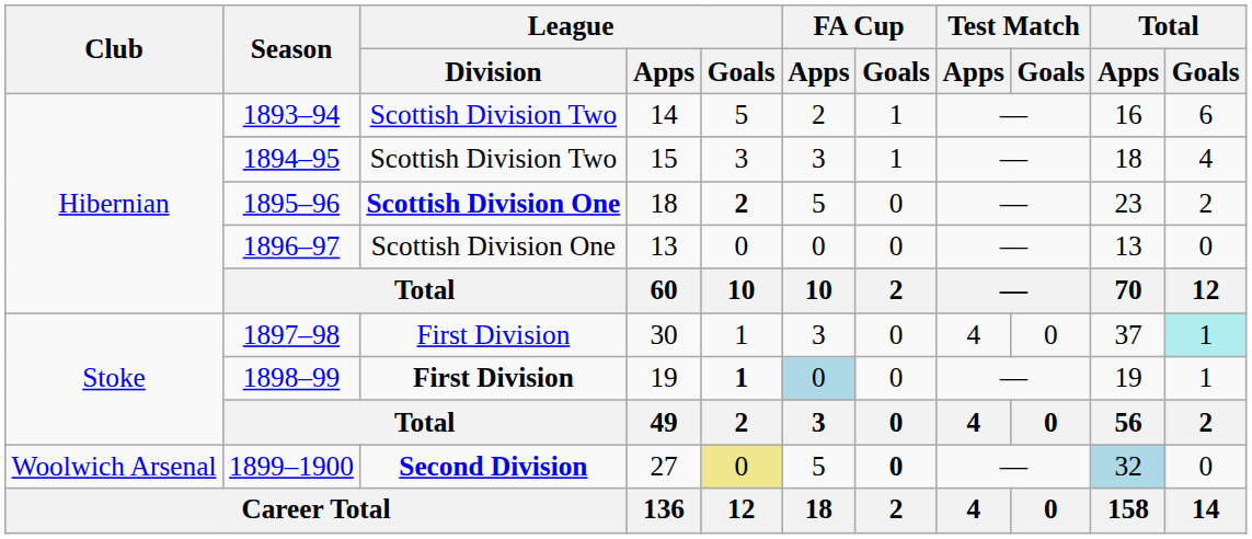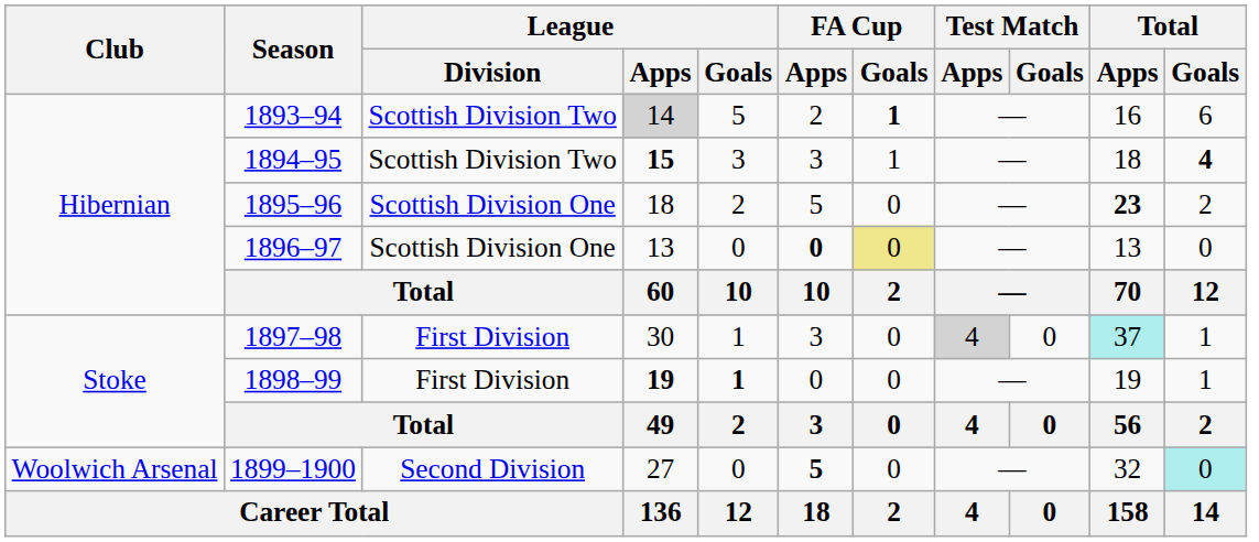 <table class="wikitable" style="text-align: center;">
 <tr>
 <th rowspan="2">Club</th>
 <th rowspan="2">Season</th>
 <th colspan="3">League</th>
 <th colspan="2">FA Cup</th>
 <th colspan="2">Test Match</th>
 <th colspan="2">Total</th>
 </tr>
 <tr>
 <th>Division</th>
 <th>Apps</th>
 <th>Goals</th>
 <th>Apps</th>
 <th>Goals</th>
 <th>Apps</th>
 <th>Goals</th>
 <th>Apps</th>
 <th>Goals</th>
 </tr>
 <tr>
 <td rowspan="5"><a href='#'>Hibernian</a></td>
 <td><a href='#'>1893–94</a></td>
 <td><a href='#'>Scottish Division Two</a></td>
-<td>14</td>
+<td style="background: lightgrey;">14</td>
 <td>5</td>
 <td>2</td>
-<td>1</td>
+<td><strong>1</strong></td>
 <td colspan="2">—</td>
 <td>16</td>
 <td>6</td>
 </tr>
 <tr>
 <td><a href='#'>1894–95</a></td>
 <td>Scottish Division Two</td>
-<td>15</td>
+<td><strong>15</strong></td>
 <td>3</td>
 <td>3</td>
 <td>1</td>
 <td colspan="2">—</td>
 <td>18</td>
-<td>4</td>
+<td><strong>4</strong></td>
 </tr>
 <tr>
 <td><a href='#'>1895–96</a></td>
-<td><strong><a href='#'>Scottish Division One</a></strong></td>
+<td><a href='#'>Scottish Division One</a></td>
 <td>18</td>
-<td><strong>2</strong></td>
+<td>2</td>
 <td>5</td>
 <td>0</td>
 <td colspan="2">—</td>
-<td>23</td>
+<td><strong>23</strong></td>
 <td>2</td>
 </tr>
 <tr>
 <td><a href='#'>1896–97</a></td>
 <td>Scottish Division One</td>
 <td>13</td>
 <td>0</td>
-<td>0</td>
-<td>0</td>
+<td><strong>0</strong></td>
+<td style="background: khaki;">0</td>
 <td colspan="2">—</td>
 <td>13</td>
 <td>0</td>
 </tr>
 <tr>
 <th colspan="2">Total</th>
 <th>60</th>
 <th>10</th>
 <th>10</th>
 <th>2</th>
 <th colspan="2">—</th>
 <th>70</th>
 <th>12</th>
 </tr>
 <tr>
 <td rowspan="3"><a href='#'>Stoke</a></td>
 <td><a href='#'>1897–98</a></td>
 <td><a href='#'>First Division</a></td>
 <td>30</td>
 <td>1</td>
 <td>3</td>
 <td>0</td>
-<td>4</td>
+<td style="background: lightgrey;">4</td>
 <td>0</td>
-<td>37</td>
-<td style="background: paleturquoise;">1</td>
+<td style="background: paleturquoise;">37</td>
+<td>1</td>
 </tr>
 <tr>
 <td><a href='#'>1898–99</a></td>
-<td><strong>First Division</strong></td>
-<td>19</td>
+<td>First Division</td>
+<td><strong>19</strong></td>
 <td><strong>1</strong></td>
-<td style="background: lightblue;">0</td>
+<td>0</td>
 <td>0</td>
 <td colspan="2">—</td>
 <td>19</td>
 <td>1</td>
 </tr>
 <tr>
 <th colspan="2">Total</th>
 <th>49</th>
 <th>2</th>
 <th>3</th>
 <th>0</th>
 <th>4</th>
 <th>0</th>
 <th>56</th>
 <th>2</th>
 </tr>
 <tr>
 <td><a href='#'>Woolwich Arsenal</a></td>
 <td><a href='#'>1899–1900</a></td>
-<td><strong><a href='#'>Second Division</a></strong></td>
+<td><a href='#'>Second Division</a></td>
 <td>27</td>
-<td style="background: khaki;">0</td>
-<td>5</td>
-<td><strong>0</strong></td>
+<td>0</td>
+<td><strong>5</strong></td>
+<td>0</td>
 <td colspan="2">—</td>
-<td style="background: lightblue;">32</td>
-<td>0</td>
+<td>32</td>
+<td style="background: paleturquoise;">0</td>
 </tr>
 <tr>
 <th colspan="3">Career Total</th>
 <th>136</th>
 <th>12</th>
 <th>18</th>
 <th>2</th>
 <th>4</th>
 <th>0</th>
 <th>158</th>
 <th>14</th>
 </tr>
 </table>
